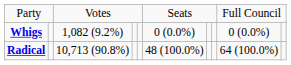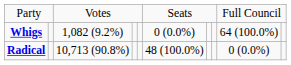 <table class=wikitable style="text-align:center;">
 <tr>
 <td colspan=2>Party</td>
 <td colspan=3>Votes</td>
 <td colspan=3>Seats</td>
 <td colspan=3>Full Council</td>
 </tr>
 <tr>
 <td><strong><a href='#'>Whigs</a></strong></td>
 <td style="background:"></td>
 <td>1,082 (9.2%)</td>
 <td></td>
 <td></td>
 <td>0 (0.0%)</td>
 <td></td>
 <td></td>
-<td>0 (0.0%)</td>
+<td>64 (100.0%)</td>
 <td></td>
 </tr>
 <tr>
 <td><strong><a href='#'>Radical</a></strong></td>
 <td style="background:"></td>
 <td>10,713 (90.8%)</td>
 <td></td>
 <td></td>
 <td>48 (100.0%)</td>
 <td></td>
 <td></td>
-<td>64 (100.0%)</td>
+<td>0 (0.0%)</td>
 <td></td>
 </tr>
 </table>
